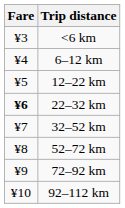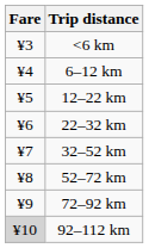 <table class="wikitable sortable floatleft" style="cell-padding:1.5; font-size:96%; text-align:center;">
 <tr>
 <th>Fare</th>
 <th>Trip distance</th>
 </tr>
 <tr>
 <td>¥3</td>
 <td><6 km</td>
 </tr>
 <tr>
 <td>¥4</td>
 <td>6–12 km</td>
 </tr>
 <tr>
 <td>¥5</td>
 <td>12–22 km</td>
 </tr>
 <tr>
-<td><strong>¥6</strong></td>
+<td>¥6</td>
 <td>22–32 km</td>
 </tr>
 <tr>
 <td>¥7</td>
 <td>32–52 km</td>
 </tr>
 <tr>
 <td>¥8</td>
 <td>52–72 km</td>
 </tr>
 <tr>
 <td>¥9</td>
 <td>72–92 km</td>
 </tr>
 <tr>
-<td>¥10</td>
+<td style="background: lightgrey;">¥10</td>
 <td>92–112 km</td>
 </tr>
 </table>
